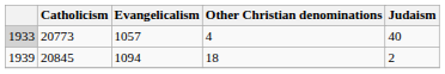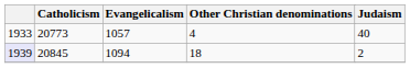 <table class="wikitable">
 <tr>
 <th> </th>
 <th colspan=2>Catholicism</th>
 <th colspan=3>Evangelicalism</th>
 <th colspan=4>Other Christian denominations</th>
 <th colspan=5>Judaism</th>
 </tr>
 <tr>
-<td style="background: lightgrey;">1933</td>
+<td>1933</td>
 <td colspan=2>20773</td>
 <td colspan=3>1057</td>
 <td colspan=4>4</td>
 <td colspan=5>40</td>
 </tr>
 <tr>
-<td>1939</td>
+<td style="background: lavender;">1939</td>
 <td colspan=2>20845</td>
 <td colspan=3>1094</td>
 <td colspan=4>18</td>
 <td colspan=5>2</td>
 </tr>
 <tr>
 </tr>
 </table>
